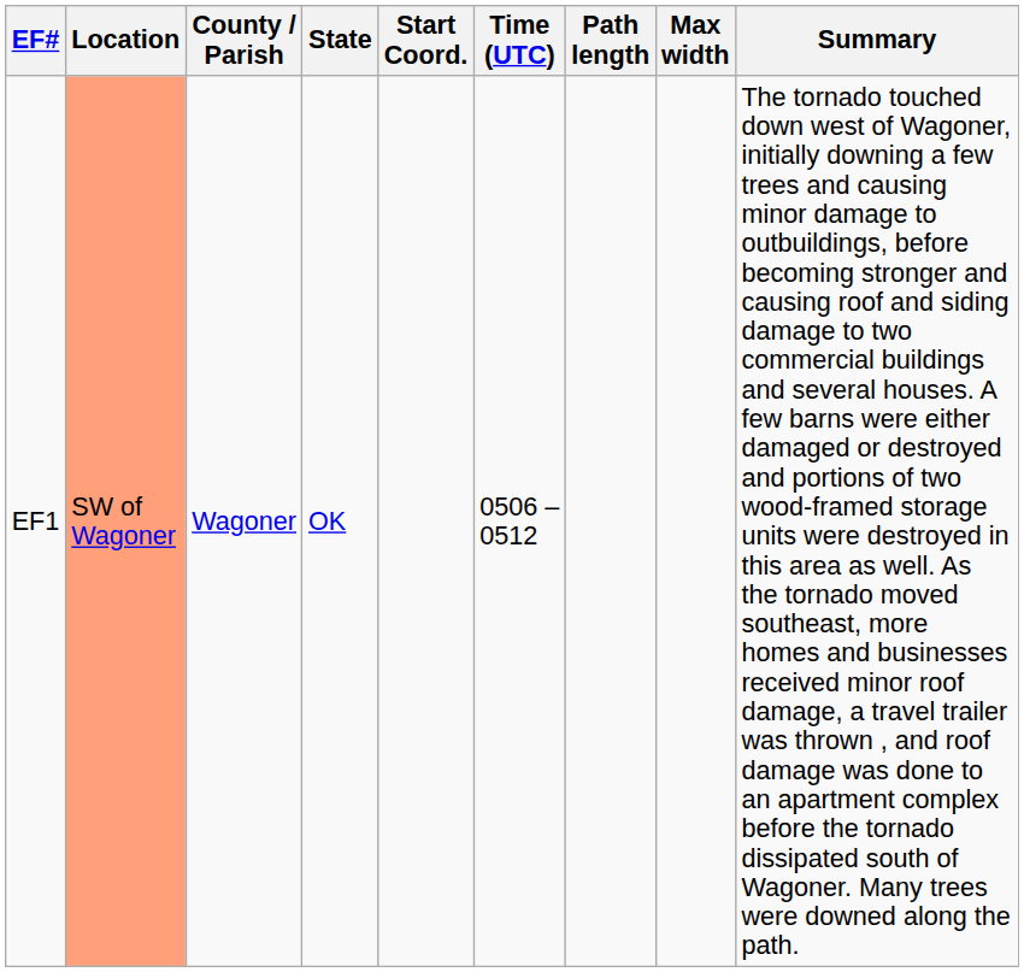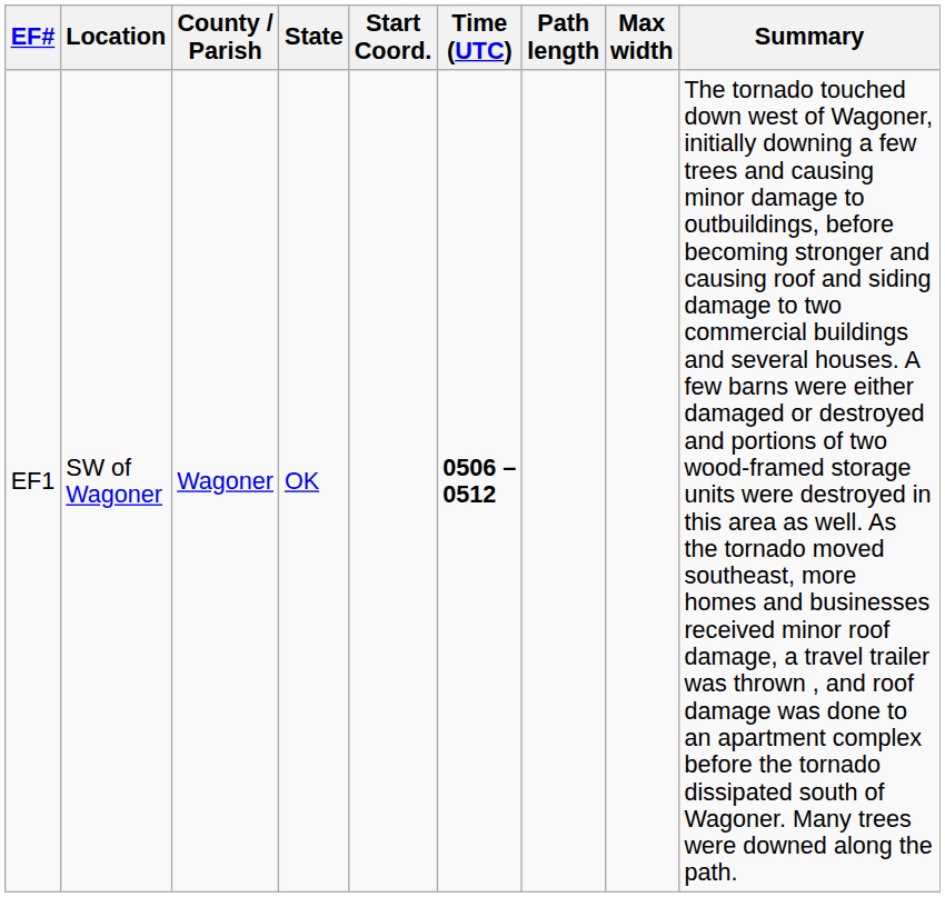 <table class="wikitable sortable" style="width:100%;">
 <tr>
 <th scope="col" width="3%" align="center"><a href='#'>EF#</a></th>
 <th scope="col" width="7%" align="center" class="unsortable">Location</th>
 <th scope="col" width="6%" align="center" class="unsortable">County / Parish</th>
 <th scope="col" width="5%" align="center">State</th>
 <th scope="col" width="6%" align="center">Start Coord.</th>
 <th scope="col" width="6%" align="center">Time (<a href='#'>UTC</a>)</th>
 <th scope="col" width="6%" align="center">Path length</th>
 <th scope="col" width="6%" align="center">Max width</th>
 <th scope="col" width="48%" class="unsortable" align="center">Summary</th>
 </tr>
 <tr>
 <td>EF1</td>
-<td style="background: lightsalmon;">SW of <a href='#'>Wagoner</a></td>
+<td>SW of <a href='#'>Wagoner</a></td>
 <td><a href='#'>Wagoner</a></td>
 <td><a href='#'>OK</a></td>
 <td></td>
-<td>0506 – 0512</td>
+<td><strong>0506 – 0512</strong></td>
 <td></td>
 <td></td>
 <td>The tornado touched down west of Wagoner, initially downing a few trees and causing minor damage to outbuildings, before becoming stronger and causing roof and siding damage to two commercial buildings and several houses. A few barns were either damaged or destroyed and portions of two wood-framed storage units were destroyed in this area as well. As the tornado moved southeast, more homes and businesses received minor roof damage, a travel trailer was thrown , and roof damage was done to an apartment complex before the tornado dissipated south of Wagoner. Many trees were downed along the path.</td>
 </tr>
 <tr>
 </tr>
 </table>
